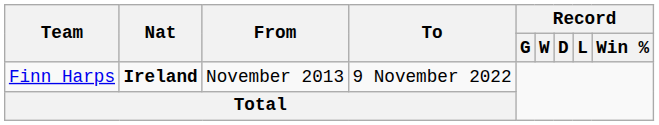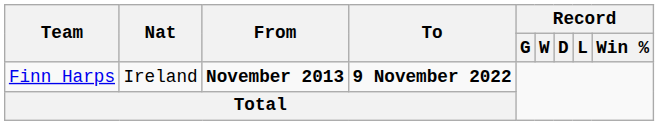 <table class="wikitable" style="text-align: center">
 <tr>
 <th rowspan="2">Team</th>
 <th rowspan="2">Nat</th>
 <th rowspan="2">From</th>
 <th rowspan="2">To</th>
 <th colspan="6">Record</th>
 </tr>
 <tr>
 <th>G</th>
 <th>W</th>
 <th>D</th>
 <th>L</th>
 <th>Win %</th>
 </tr>
 <tr>
 <td align=left><a href='#'>Finn Harps</a></td>
-<td><strong>Ireland</strong></td>
-<td align=left>November 2013</td>
-<td align=left>9 November 2022<br></td>
+<td>Ireland</td>
+<td align=left><strong>November 2013</strong></td>
+<td align=left><strong>9 November 2022<br></strong></td>
 </tr>
 <tr>
 <th colspan="4">Total<br></th>
 </tr>
 </table>
